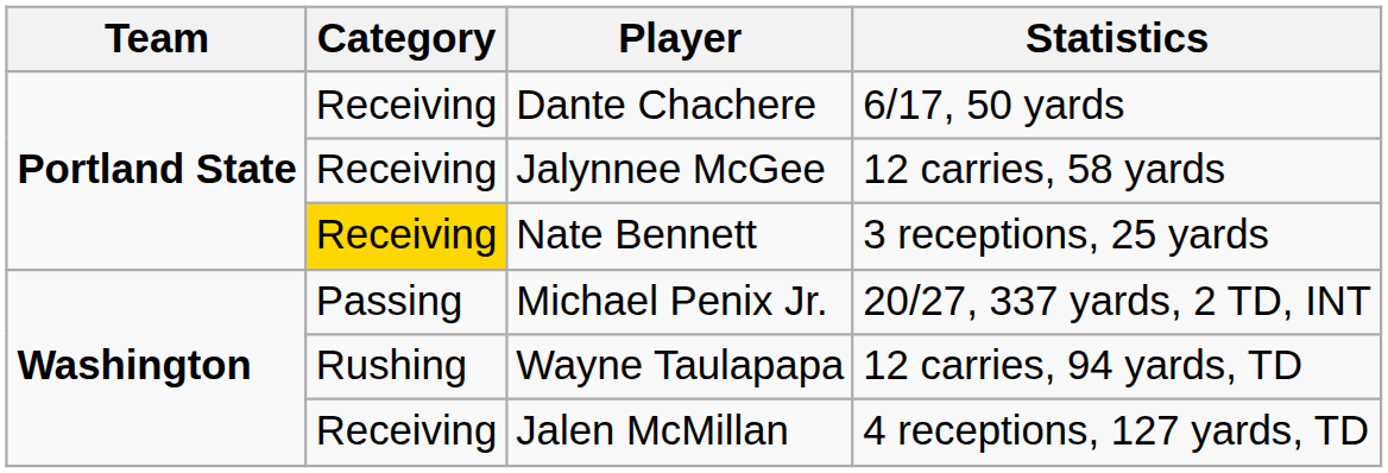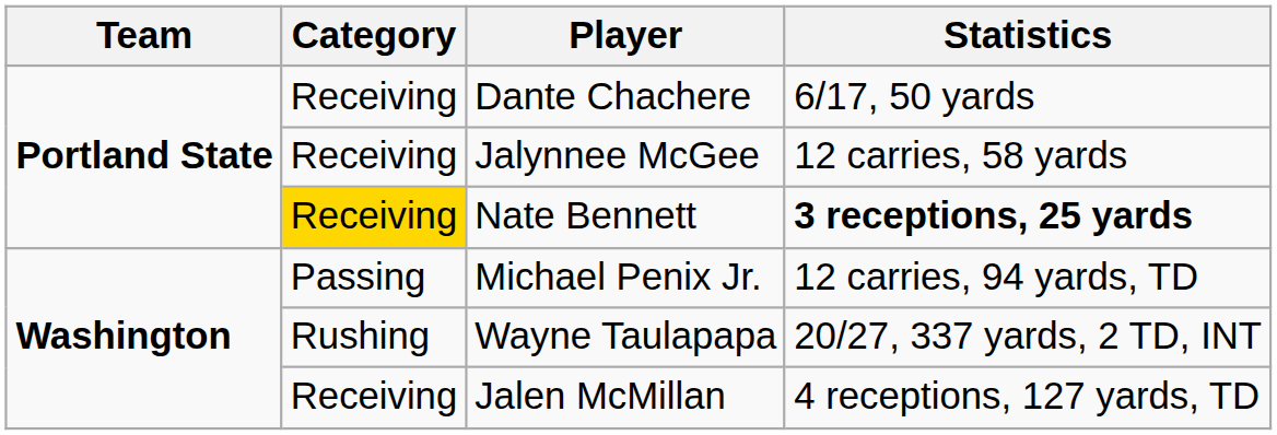 <table class="wikitable" style="float: right;">
 <tr>
 <th>Team</th>
 <th>Category</th>
 <th>Player</th>
 <th>Statistics</th>
 </tr>
 <tr>
 <td rowspan=3><strong>Portland State</strong></td>
 <td>Receiving</td>
 <td>Dante Chachere</td>
 <td>6/17, 50 yards</td>
 </tr>
 <tr>
 <td>Receiving</td>
 <td>Jalynnee McGee</td>
 <td>12 carries, 58 yards</td>
 </tr>
 <tr>
 <td style="background: gold;">Receiving</td>
 <td>Nate Bennett</td>
-<td>3 receptions, 25 yards</td>
+<td><strong>3 receptions, 25 yards</strong></td>
 </tr>
 <tr>
 <td rowspan=3><strong>Washington</strong></td>
 <td>Passing</td>
 <td>Michael Penix Jr.</td>
-<td>20/27, 337 yards, 2 TD, INT</td>
+<td>12 carries, 94 yards, TD</td>
 </tr>
 <tr>
 <td>Rushing</td>
 <td>Wayne Taulapapa</td>
-<td>12 carries, 94 yards, TD</td>
+<td>20/27, 337 yards, 2 TD, INT</td>
 </tr>
 <tr>
 <td>Receiving</td>
 <td>Jalen McMillan</td>
 <td>4 receptions, 127 yards, TD</td>
 </tr>
 </table>
